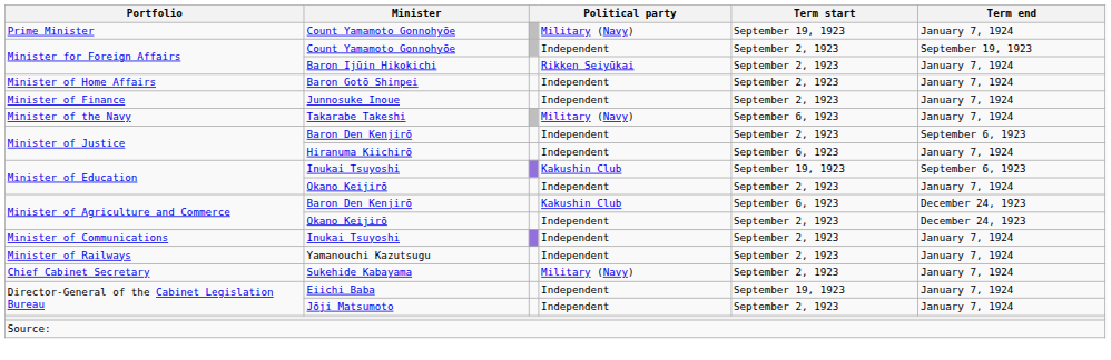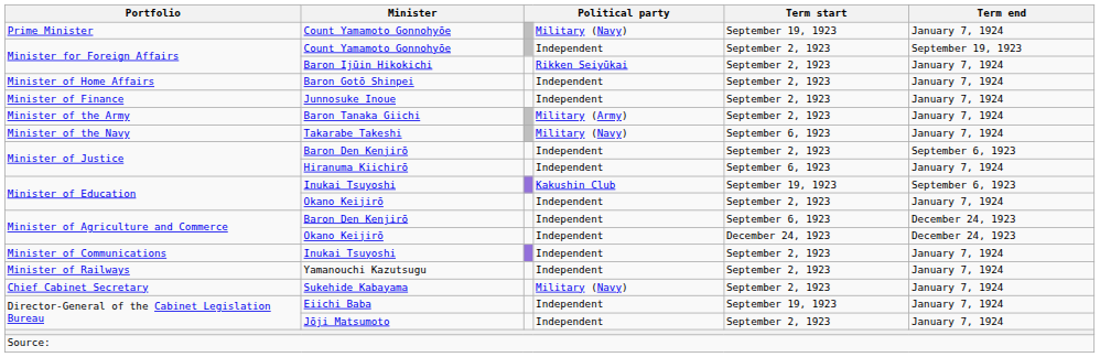 <table class="wikitable unsortable" style="font-size: 90%;">
 <tr>
 <th scope="col" width="20%">Portfolio</th>
 <th scope="col" width="15%">Minister</th>
 <th colspan="2" scope="col" width="13.5%">Political party</th>
 <th scope="col" width="12.5%">Term start</th>
 <th scope="col" width="12.5%">Term end</th>
 </tr>
 <tr>
 <td style="text-align: left;"><a href='#'>Prime Minister</a></td>
 <td><a href='#'>Count Yamamoto Gonnohyōe</a></td>
 <td style="color:inherit;background:#bfbfbf"></td>
 <td><a href='#'>Military</a> (<a href='#'>Navy</a>)</td>
 <td>September 19, 1923</td>
 <td>January 7, 1924</td>
 </tr>
 <tr>
 <td rowspan="2"><a href='#'>Minister for Foreign Affairs</a></td>
 <td><a href='#'>Count Yamamoto Gonnohyōe</a></td>
 <td style="color:inherit;background:#bfbfbf"></td>
 <td>Independent</td>
 <td>September 2, 1923</td>
 <td>September 19, 1923</td>
 </tr>
 <tr>
 <td><a href='#'>Baron Ijūin Hikokichi</a></td>
 <td style="color:inherit;background:"></td>
 <td><a href='#'>Rikken Seiyūkai</a></td>
 <td>September 2, 1923</td>
 <td>January 7, 1924</td>
 </tr>
 <tr>
 <td><a href='#'>Minister of Home Affairs</a></td>
 <td><a href='#'>Baron Gotō Shinpei</a></td>
 <td style="color:inherit;background:"></td>
 <td>Independent</td>
 <td>September 2, 1923</td>
 <td>January 7, 1924</td>
 </tr>
 <tr>
 <td><a href='#'>Minister of Finance</a></td>
 <td><a href='#'>Junnosuke Inoue</a></td>
 <td style="color:inherit;background:"></td>
 <td>Independent</td>
 <td>September 2, 1923</td>
 <td>January 7, 1924</td>
 </tr>
 <tr>
+<td><a href='#'>Minister of the Army</a></td>
+<td><a href='#'>Baron Tanaka Giichi</a></td>
+<td style="color:inherit;background:#bfbfbf"></td>
+<td><a href='#'>Military</a> (<a href='#'>Army</a>)</td>
+<td>September 2, 1923</td>
+<td>January 7, 1924</td>
+</tr>
+<tr>
 <td><a href='#'>Minister of the Navy</a></td>
 <td><a href='#'>Takarabe Takeshi</a></td>
 <td style="color:inherit;background:#bfbfbf"></td>
 <td><a href='#'>Military</a> (<a href='#'>Navy</a>)</td>
 <td>September 6, 1923</td>
 <td>January 7, 1924</td>
 </tr>
 <tr>
 <td rowspan="2"><a href='#'>Minister of Justice</a></td>
 <td><a href='#'>Baron Den Kenjirō</a></td>
 <td style="color:inherit;background:"></td>
 <td>Independent</td>
 <td>September 2, 1923</td>
 <td>September 6, 1923</td>
 </tr>
 <tr>
 <td><a href='#'>Hiranuma Kiichirō</a></td>
 <td style="color:inherit;background:"></td>
 <td>Independent</td>
 <td>September 6, 1923</td>
 <td>January 7, 1924</td>
 </tr>
 <tr>
 <td rowspan="2"><a href='#'>Minister of Education</a></td>
 <td><a href='#'>Inukai Tsuyoshi</a></td>
 <td style="background:#9370DB;"></td>
 <td><a href='#'>Kakushin Club</a></td>
 <td>September 19, 1923</td>
 <td>September 6, 1923</td>
 </tr>
 <tr>
 <td><a href='#'>Okano Keijirō</a></td>
 <td style="color:inherit;background:"></td>
 <td>Independent</td>
 <td>September 2, 1923</td>
 <td>January 7, 1924</td>
 </tr>
 <tr>
 <td rowspan="2"><a href='#'>Minister of Agriculture and Commerce</a></td>
 <td><a href='#'>Baron Den Kenjirō</a></td>
 <td style="color:inherit;background:"></td>
-<td><a href='#'>Kakushin Club</a></td>
+<td>Independent</td>
 <td>September 6, 1923</td>
 <td>December 24, 1923</td>
 </tr>
 <tr>
 <td><a href='#'>Okano Keijirō</a></td>
 <td style="color:inherit;background:"></td>
 <td>Independent</td>
-<td>September 2, 1923</td>
+<td>December 24, 1923</td>
 <td>December 24, 1923</td>
 </tr>
 <tr>
 <td><a href='#'>Minister of Communications</a></td>
 <td><a href='#'>Inukai Tsuyoshi</a></td>
 <td style="background:#9370DB;"></td>
 <td>Independent</td>
 <td>September 2, 1923</td>
 <td>January 7, 1924</td>
 </tr>
 <tr>
 <td><a href='#'>Minister of Railways</a></td>
 <td>Yamanouchi Kazutsugu</td>
 <td style="color:inherit;background:"></td>
 <td>Independent</td>
 <td>September 2, 1923</td>
 <td>January 7, 1924</td>
 </tr>
 <tr>
 <td><a href='#'>Chief Cabinet Secretary</a></td>
 <td><a href='#'>Sukehide Kabayama</a></td>
 <td style="color:inherit;background:"></td>
 <td><a href='#'>Military</a> (<a href='#'>Navy</a>)</td>
 <td>September 2, 1923</td>
 <td>January 7, 1924</td>
 </tr>
 <tr>
 <td rowspan="2">Director-General of the <a href='#'>Cabinet Legislation Bureau</a></td>
 <td><a href='#'>Eiichi Baba</a></td>
 <td style="color:inherit;background:"></td>
 <td>Independent</td>
 <td>September 19, 1923</td>
 <td>January 7, 1924</td>
 </tr>
 <tr>
 <td><a href='#'>Jōji Matsumoto</a></td>
 <td style="color:inherit;background:"></td>
 <td>Independent</td>
 <td>September 2, 1923</td>
 <td>January 7, 1924</td>
 </tr>
 <tr>
 <th colspan="6"></th>
 </tr>
 <tr>
 <td colspan="6">Source:</td>
 </tr>
 </table>
